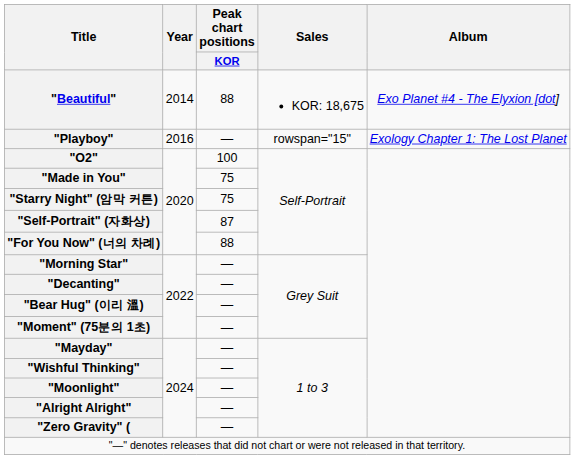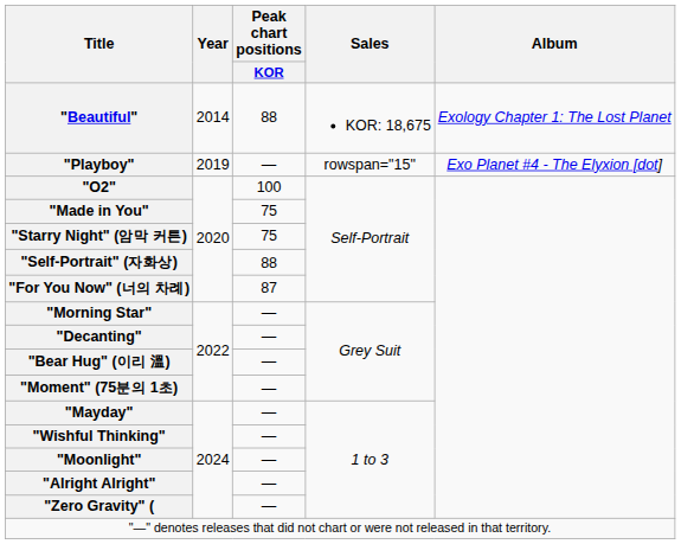 <table class="wikitable plainrowheaders" style="text-align:center">
 <tr>
 <th scope="col" rowspan="2">Title</th>
 <th scope="col" rowspan="2">Year</th>
 <th scope="col" colspan="1">Peak chart positions</th>
 <th scope="col" rowspan="2">Sales<br></th>
 <th scope="col" rowspan="2">Album</th>
 </tr>
 <tr>
 <th scope="col" style="width:3em;font-size:90%"><a href='#'>KOR</a><br></th>
 </tr>
 <tr>
 <th scope="row">"<a href='#'>Beautiful</a>"</th>
 <td>2014</td>
 <td>88</td>
 <td><br><ul><li>KOR: 18,675</li></ul></td>
-<td><em><a href='#'> Exo Planet #4 - The Elyxion [dot</a>]</em></td>
+<td><em><a href='#'>Exology Chapter 1: The Lost Planet</a></em></td>
 </tr>
 <tr>
 <th scope="row">"Playboy"</th>
-<td>2016</td>
+<td>2019</td>
 <td>—</td>
 <td>rowspan="15" </td>
-<td><em><a href='#'>Exology Chapter 1: The Lost Planet</a></em></td>
+<td><em><a href='#'> Exo Planet #4 - The Elyxion [dot</a>]</em></td>
 </tr>
 <tr>
 <th scope="row">"O2"</th>
 <td rowspan="5">2020</td>
 <td>100</td>
 <td rowspan="5"><em>Self-Portrait</em></td>
 </tr>
 <tr>
 <th scope="row">"Made in You"</th>
 <td>75</td>
 </tr>
 <tr>
 <th scope="row">"Starry Night" (암막 커튼)</th>
 <td>75</td>
 </tr>
 <tr>
 <th scope="row">"Self-Portrait" (자화상)</th>
-<td>87</td>
+<td>88</td>
 </tr>
 <tr>
 <th scope="row">"For You Now" (너의 차례)<br></th>
-<td>88</td>
+<td>87</td>
 </tr>
 <tr>
 <th scope="row">"Morning Star"</th>
 <td rowspan="4">2022</td>
 <td>—</td>
 <td rowspan="4"><em>Grey Suit</em></td>
 </tr>
 <tr>
 <th scope="row">"Decanting"</th>
 <td>—</td>
 </tr>
 <tr>
 <th scope="row">"Bear Hug" (이리 溫)</th>
 <td>—</td>
 </tr>
 <tr>
 <th scope="row">"Moment" (75분의 1초)</th>
 <td>—</td>
 </tr>
 <tr>
 <th scope="row">"Mayday"</th>
 <td rowspan="5">2024</td>
 <td>—</td>
 <td rowspan="5"><em>1 to 3</em></td>
 </tr>
 <tr>
 <th scope="row">"Wishful Thinking"</th>
 <td>—</td>
 </tr>
 <tr>
 <th scope="row">"Moonlight"</th>
 <td>—</td>
 </tr>
 <tr>
 <th scope="row">"Alright Alright"</th>
 <td>—</td>
 </tr>
 <tr>
 <th scope="row">"Zero Gravity" (</th>
 <td>—</td>
 </tr>
 <tr>
 <td colspan="7" style="font-size:85%">"—" denotes releases that did not chart or were not released in that territory.</td>
 </tr>
 </table>
